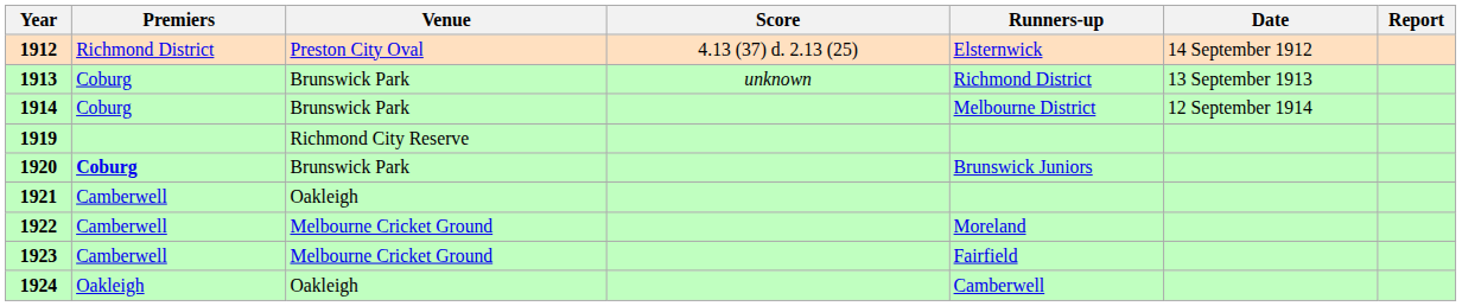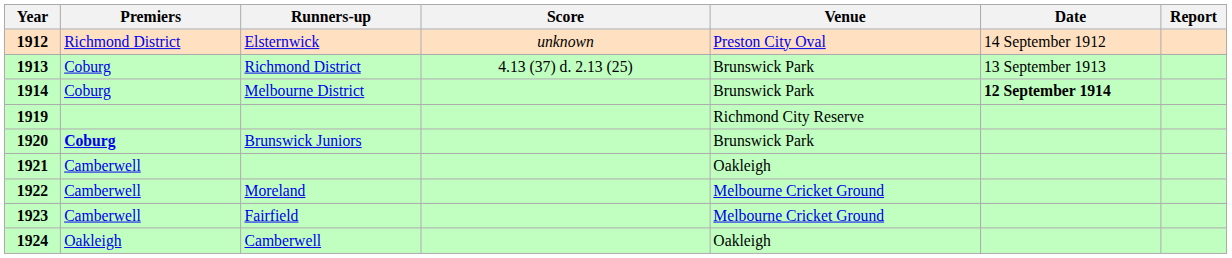 <table class="wikitable sortable" style="text-align:left; text-valign:center">
 <tr>
 <th width=3%>Year</th>
 <th width=10%>Premiers</th>
+<th width=10%>Runners-up</th>
+<th width=16%>Score</th>
 <th width=15%>Venue</th>
-<th width=16%>Score</th>
-<th width=10%>Runners-up</th>
 <th width=10%; class=unsortable>Date</th>
 <th width=2%; class=unsortable>Report</th>
 </tr>
 <tr style="background:#FFE0C0;">
 <td align="center"><strong>1912</strong></td>
 <td><a href='#'>Richmond District</a></td>
+<td><a href='#'>Elsternwick</a></td>
+<td align=center><em>unknown</em></td>
 <td><a href='#'>Preston City Oval</a></td>
-<td align=center>4.13 (37) d. 2.13 (25)</td>
-<td><a href='#'>Elsternwick</a></td>
 <td>14 September 1912</td>
 <td align=center></td>
 </tr>
 <tr style="background:#C0FFC0;">
 <td align="center"><strong>1913</strong></td>
 <td><a href='#'>Coburg</a> </td>
+<td><a href='#'>Richmond District</a></td>
+<td align=center>4.13 (37) d. 2.13 (25)</td>
 <td>Brunswick Park</td>
-<td align=center><em>unknown</em></td>
-<td><a href='#'>Richmond District</a></td>
 <td>13 September 1913</td>
 <td align=center></td>
 </tr>
 <tr style="background:#C0FFC0;">
 <td align="center"><strong>1914</strong></td>
 <td><a href='#'>Coburg</a> </td>
+<td><a href='#'>Melbourne District</a></td>
+<td align=center></td>
 <td>Brunswick Park</td>
-<td align=center></td>
-<td><a href='#'>Melbourne District</a></td>
-<td>12 September 1914</td>
+<td><strong>12 September 1914</strong></td>
 <td align=center></td>
 </tr>
 <tr style="background:#C0FFC0;">
 <td align="center"><strong>1919</strong></td>
 <td></td>
+<td></td>
+<td align=center></td>
 <td>Richmond City Reserve</td>
-<td align=center></td>
-<td></td>
 <td></td>
 <td align=center></td>
 </tr>
 <tr style="background:#C0FFC0;">
 <td align="center"><strong>1920</strong></td>
 <td><strong><a href='#'>Coburg</a> </strong></td>
+<td><a href='#'>Brunswick Juniors</a></td>
+<td align=center></td>
 <td>Brunswick Park</td>
-<td align=center></td>
-<td><a href='#'>Brunswick Juniors</a></td>
 <td></td>
 <td align=center></td>
 </tr>
 <tr style="background:#C0FFC0;">
 <td align="center"><strong>1921</strong></td>
 <td><a href='#'>Camberwell</a></td>
+<td></td>
+<td align=center></td>
 <td>Oakleigh</td>
-<td align=center></td>
-<td></td>
 <td></td>
 <td align=center></td>
 </tr>
 <tr style="background:#C0FFC0;">
 <td align="center"><strong>1922</strong></td>
 <td><a href='#'>Camberwell</a></td>
+<td><a href='#'>Moreland</a></td>
+<td align=center></td>
 <td><a href='#'>Melbourne Cricket Ground</a></td>
-<td align=center></td>
-<td><a href='#'>Moreland</a></td>
 <td></td>
 <td align=center></td>
 </tr>
 <tr style="background:#C0FFC0;">
 <td align="center"><strong>1923</strong></td>
 <td><a href='#'>Camberwell</a></td>
+<td><a href='#'>Fairfield</a></td>
+<td align=center></td>
 <td><a href='#'>Melbourne Cricket Ground</a></td>
-<td align=center></td>
-<td><a href='#'>Fairfield</a></td>
 <td></td>
 <td align=center></td>
 </tr>
 <tr style="background:#C0FFC0;">
 <td align="center"><strong>1924</strong></td>
 <td><a href='#'>Oakleigh</a></td>
+<td><a href='#'>Camberwell</a></td>
+<td align=center></td>
 <td>Oakleigh</td>
-<td align=center></td>
-<td><a href='#'>Camberwell</a></td>
 <td></td>
 <td align=center></td>
 </tr>
 </table>
